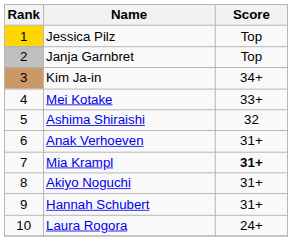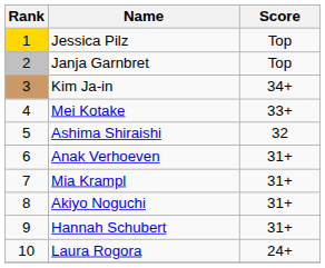 <table class="wikitable">
 <tr>
 <th>Rank</th>
 <th width = "200">Name</th>
 <th width = "80">Score</th>
 </tr>
 <tr>
 <td align="center" style="background: gold">1</td>
 <td> Jessica Pilz</td>
 <td align="center">Top</td>
 </tr>
 <tr>
 <td align="center" style="background: silver">2</td>
 <td> Janja Garnbret</td>
 <td align="center">Top</td>
 </tr>
 <tr>
 <td align="center" style="background: #cc9966">3</td>
 <td> Kim Ja-in</td>
 <td align="center">34+</td>
 </tr>
 <tr>
 <td align="center">4</td>
 <td> <a href='#'>Mei Kotake</a></td>
 <td align="center">33+</td>
 </tr>
 <tr>
 <td align="center">5</td>
 <td> <a href='#'>Ashima Shiraishi</a></td>
 <td align="center">32</td>
 </tr>
 <tr>
 <td align="center">6</td>
 <td> <a href='#'>Anak Verhoeven</a></td>
 <td align="center">31+</td>
 </tr>
 <tr>
 <td align="center">7</td>
 <td> <a href='#'>Mia Krampl</a></td>
-<td align="center"><strong>31+</strong></td>
+<td align="center">31+</td>
 </tr>
 <tr>
 <td align="center">8</td>
 <td> <a href='#'>Akiyo Noguchi</a></td>
 <td align="center">31+</td>
 </tr>
 <tr>
 <td align="center">9</td>
 <td> <a href='#'>Hannah Schubert</a></td>
 <td align="center">31+</td>
 </tr>
 <tr>
 <td align="center">10</td>
 <td> <a href='#'>Laura Rogora</a></td>
 <td align="center">24+</td>
 </tr>
 <tr>
 </tr>
 </table>
